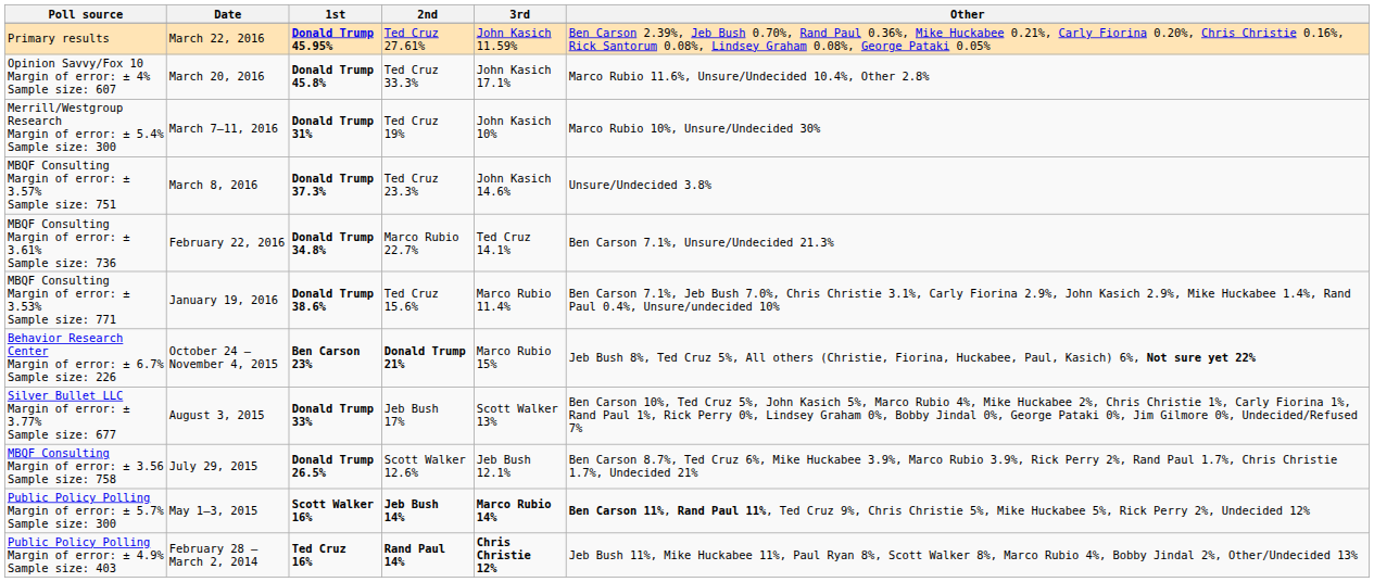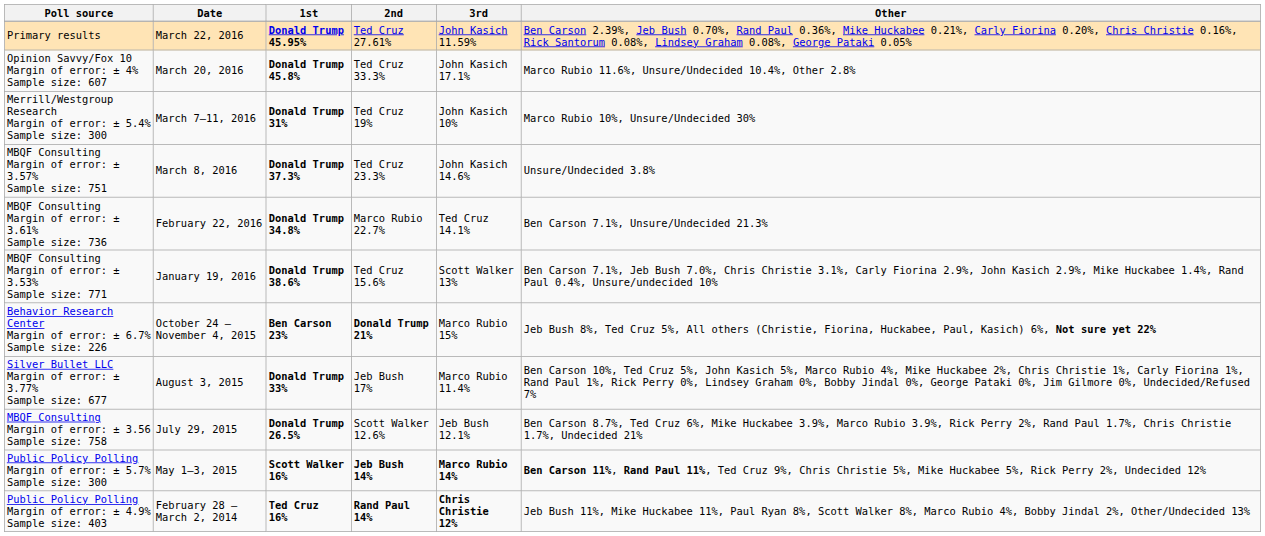 <table class="wikitable">
 <tr>
 <th style="width:180px;">Poll source</th>
 <th style="width:135px;">Date</th>
 <th style="width:100px;">1st</th>
 <th style="width:100px;">2nd</th>
 <th style="width:100px;">3rd</th>
 <th>Other</th>
 </tr>
 <tr>
 </tr>
 <tr style="background:Moccasin;">
 <td>Primary results</td>
 <td>March 22, 2016</td>
 <td><strong><a href='#'>Donald Trump</a><br>45.95%</strong></td>
 <td><a href='#'>Ted Cruz</a><br>27.61%</td>
 <td><a href='#'>John Kasich</a><br>11.59%</td>
 <td><a href='#'>Ben Carson</a> 2.39%, <a href='#'>Jeb Bush</a> 0.70%, <a href='#'>Rand Paul</a> 0.36%, <a href='#'>Mike Huckabee</a> 0.21%, <a href='#'>Carly Fiorina</a> 0.20%, <a href='#'>Chris Christie</a> 0.16%, <a href='#'>Rick Santorum</a> 0.08%, <a href='#'>Lindsey Graham</a> 0.08%, <a href='#'>George Pataki</a> 0.05%</td>
 </tr>
 <tr>
 <td>Opinion Savvy/Fox 10<br>Margin of error: ± 4% <br>Sample size: 607</td>
 <td>March 20, 2016</td>
 <td><strong>Donald Trump<br>45.8%</strong></td>
 <td>Ted Cruz<br>33.3%</td>
 <td>John Kasich<br>17.1%</td>
 <td>Marco Rubio 11.6%, Unsure/Undecided 10.4%, Other 2.8%</td>
 </tr>
 <tr>
 <td>Merrill/Westgroup Research<br>Margin of error: ± 5.4% <br>Sample size: 300</td>
 <td>March 7–11, 2016</td>
 <td><strong>Donald Trump<br>31%</strong></td>
 <td>Ted Cruz<br>19%</td>
 <td>John Kasich<br>10%</td>
 <td>Marco Rubio 10%, Unsure/Undecided 30%</td>
 </tr>
 <tr>
 <td>MBQF Consulting<br>Margin of error: ± 3.57% <br>Sample size: 751</td>
 <td>March 8, 2016</td>
 <td><strong>Donald Trump<br>37.3%</strong></td>
 <td>Ted Cruz<br>23.3%</td>
 <td>John Kasich<br>14.6%</td>
 <td>Unsure/Undecided 3.8%</td>
 </tr>
 <tr>
 <td>MBQF Consulting<br>Margin of error: ± 3.61% <br>Sample size: 736</td>
 <td>February 22, 2016</td>
 <td><strong>Donald Trump<br>34.8%</strong></td>
 <td>Marco Rubio<br>22.7%</td>
 <td>Ted Cruz<br>14.1%</td>
 <td>Ben Carson 7.1%, Unsure/Undecided 21.3%</td>
 </tr>
 <tr>
 <td>MBQF Consulting<br>Margin of error: ± 3.53% <br>Sample size: 771</td>
 <td>January 19, 2016</td>
 <td><strong>Donald Trump<br>38.6%</strong></td>
 <td>Ted Cruz<br>15.6%</td>
-<td>Marco Rubio<br>11.4%</td>
+<td>Scott Walker<br>13%</td>
 <td>Ben Carson 7.1%, Jeb Bush 7.0%, Chris Christie 3.1%, Carly Fiorina 2.9%, John Kasich 2.9%, Mike Huckabee 1.4%, Rand Paul 0.4%, Unsure/undecided 10%</td>
 </tr>
 <tr>
 <td><a href='#'>Behavior Research Center</a><br>Margin of error: ± 6.7% <br>Sample size: 226</td>
 <td>October 24 – November 4, 2015</td>
 <td><strong>Ben Carson<br>23%</strong></td>
 <td><strong>Donald Trump<br>21%</strong></td>
 <td>Marco Rubio<br>15%</td>
 <td>Jeb Bush 8%, Ted Cruz 5%, All others (Christie, Fiorina, Huckabee, Paul, Kasich) 6%, <span><strong>Not sure yet 22%</strong></span></td>
 </tr>
 <tr>
 <td><a href='#'>Silver Bullet LLC</a><br>Margin of error: ± 3.77% <br>Sample size: 677</td>
 <td>August 3, 2015</td>
 <td><strong>Donald Trump<br>33%</strong></td>
 <td>Jeb Bush<br>17%</td>
-<td>Scott Walker<br>13%</td>
+<td>Marco Rubio<br>11.4%</td>
 <td>Ben Carson 10%, Ted Cruz 5%, John Kasich 5%, Marco Rubio 4%, Mike Huckabee 2%, Chris Christie 1%, Carly Fiorina 1%, Rand Paul 1%, Rick Perry 0%, Lindsey Graham 0%, Bobby Jindal 0%, George Pataki 0%, Jim Gilmore 0%, Undecided/Refused 7%</td>
 </tr>
 <tr>
 <td><a href='#'>MBQF Consulting</a><br>Margin of error: ± 3.56 <br>Sample size: 758</td>
 <td>July 29, 2015</td>
 <td><strong>Donald Trump<br>26.5%</strong></td>
 <td>Scott Walker 12.6%</td>
 <td>Jeb Bush 12.1%</td>
 <td>Ben Carson 8.7%, Ted Cruz 6%, Mike Huckabee 3.9%, Marco Rubio 3.9%, Rick Perry 2%, Rand Paul 1.7%, Chris Christie 1.7%, Undecided 21%</td>
 </tr>
 <tr>
 <td><a href='#'>Public Policy Polling</a><br>Margin of error: ± 5.7% <br>Sample size: 300</td>
 <td>May 1–3, 2015</td>
 <td><strong>Scott Walker<br>16%</strong></td>
 <td><strong>Jeb Bush<br>14%</strong></td>
 <td><strong>Marco Rubio<br>14%</strong></td>
 <td><span><strong>Ben Carson 11%</strong></span>, <span><strong>Rand Paul 11%</strong></span>, Ted Cruz 9%, Chris Christie 5%, Mike Huckabee 5%, Rick Perry 2%, Undecided 12%</td>
 </tr>
 <tr>
 <td><a href='#'>Public Policy Polling</a><br>Margin of error: ± 4.9% <br>Sample size: 403</td>
 <td>February 28 – March 2, 2014</td>
 <td><strong>Ted Cruz<br>16%</strong></td>
 <td><strong>Rand Paul<br>14%</strong></td>
 <td><strong>Chris Christie<br>12%</strong></td>
 <td>Jeb Bush 11%, Mike Huckabee 11%, Paul Ryan 8%, Scott Walker 8%, Marco Rubio 4%, Bobby Jindal 2%, Other/Undecided 13%</td>
 </tr>
 </table>
